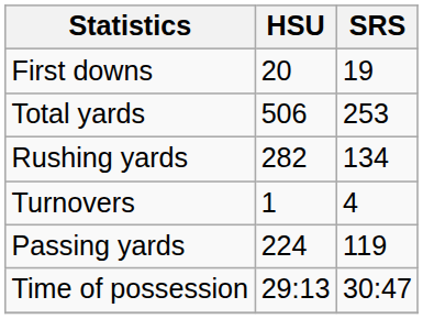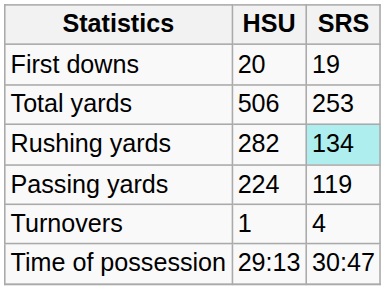 <table class="wikitable" style="float: left;">
 <tr>
 <th>Statistics</th>
 <th>HSU</th>
 <th>SRS</th>
 </tr>
 <tr>
 <td>First downs</td>
 <td>20</td>
 <td>19</td>
 </tr>
 <tr>
 <td>Total yards</td>
 <td>506</td>
 <td>253</td>
 </tr>
 <tr>
 <td>Rushing yards</td>
 <td>282</td>
-<td>134</td>
+<td style="background: paleturquoise;">134</td>
+</tr>
+<tr>
+<td>Passing yards</td>
+<td>224</td>
+<td>119</td>
 </tr>
 <tr>
 <td>Turnovers</td>
 <td>1</td>
 <td>4</td>
-</tr>
-<tr>
-<td>Passing yards</td>
-<td>224</td>
-<td>119</td>
 </tr>
 <tr>
 <td>Time of possession</td>
 <td>29:13</td>
 <td>30:47</td>
 </tr>
 <tr>
 </tr>
 </table>
